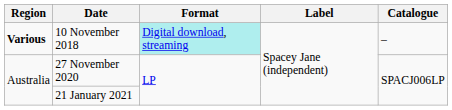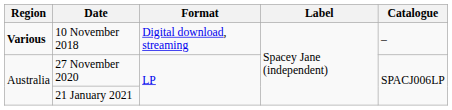 <table class="wikitable">
 <tr>
 <th>Region</th>
 <th>Date</th>
 <th>Format</th>
 <th>Label</th>
 <th>Catalogue</th>
 </tr>
 <tr>
 <td><strong>Various</strong></td>
 <td>10 November 2018</td>
-<td style="background: paleturquoise;"><a href='#'>Digital download</a>, <a href='#'>streaming</a></td>
+<td><a href='#'>Digital download</a>, <a href='#'>streaming</a></td>
 <td rowspan="3">Spacey Jane (independent)</td>
 <td>–</td>
 </tr>
 <tr>
 <td rowspan="2">Australia</td>
 <td>27 November 2020</td>
 <td rowspan="2"><a href='#'>LP</a></td>
 <td rowspan="2">SPACJ006LP</td>
 </tr>
 <tr>
 <td>21 January 2021</td>
 </tr>
 </table>
